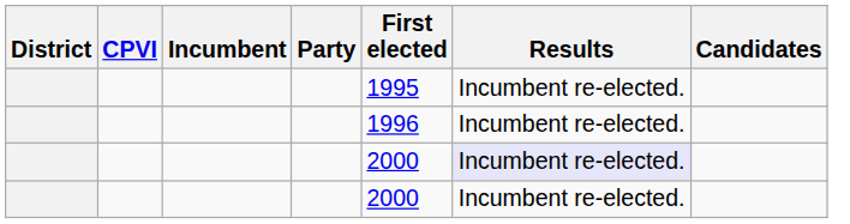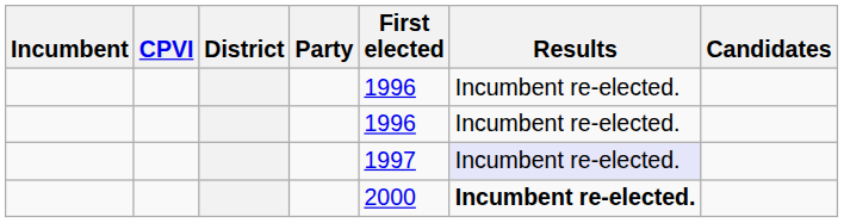 <table class="wikitable sortable">
 <tr valign=bottom>
+<th>Incumbent</th>
+<th><a href='#'>CPVI</a></th>
 <th>District</th>
-<th><a href='#'>CPVI</a></th>
-<th>Incumbent</th>
 <th>Party</th>
 <th>First<br>elected</th>
 <th>Results</th>
 <th>Candidates</th>
 </tr>
 <tr>
-<th></th>
 <td></td>
 <td></td>
-<td></td>
-<td><a href='#'>1995</a></td>
-<td>Incumbent re-elected.</td>
-<td nowrap></td>
-</tr>
-<tr>
 <th></th>
-<td></td>
-<td></td>
 <td></td>
 <td><a href='#'>1996</a></td>
 <td>Incumbent re-elected.</td>
 <td nowrap></td>
 </tr>
 <tr>
+<td></td>
+<td></td>
 <th></th>
 <td></td>
+<td><a href='#'>1996</a></td>
+<td>Incumbent re-elected.</td>
+<td nowrap></td>
+</tr>
+<tr>
 <td></td>
 <td></td>
-<td><a href='#'>2000</a></td>
+<th></th>
+<td></td>
+<td><a href='#'>1997</a></td>
 <td style="background: lavender;">Incumbent re-elected.</td>
 <td nowrap></td>
 </tr>
 <tr>
+<td></td>
+<td></td>
 <th></th>
 <td></td>
-<td></td>
-<td></td>
 <td><a href='#'>2000</a></td>
-<td>Incumbent re-elected.</td>
+<td><strong>Incumbent re-elected.</strong></td>
 <td nowrap></td>
 </tr>
 </table>
